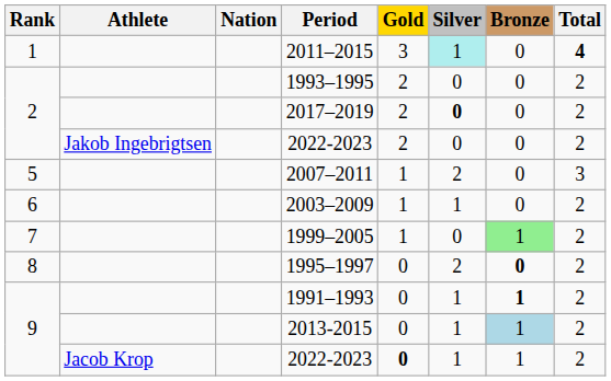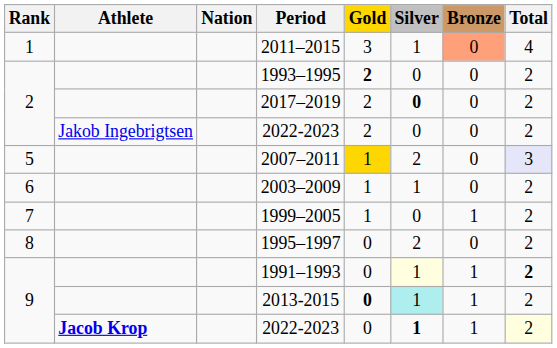 <table class="wikitable sortable" style="text-align:center">
 <tr>
 <th>Rank</th>
 <th>Athlete</th>
 <th>Nation</th>
 <th>Period</th>
 <th style="background-color:gold">Gold</th>
 <th style="background-color:silver">Silver</th>
 <th style="background-color:#cc9966">Bronze</th>
 <th>Total</th>
 </tr>
 <tr>
 <td>1</td>
 <td align=left></td>
 <td align=left></td>
 <td>2011–2015</td>
 <td>3</td>
-<td style="background: paleturquoise;">1</td>
-<td>0</td>
-<td><strong>4</strong></td>
+<td>1</td>
+<td style="background: lightsalmon;">0</td>
+<td>4</td>
 </tr>
 <tr>
 <td rowspan="3">2</td>
 <td align="left"></td>
 <td align=left></td>
 <td>1993–1995</td>
-<td>2</td>
+<td><strong>2</strong></td>
 <td>0</td>
 <td>0</td>
 <td>2</td>
 </tr>
 <tr>
 <td align="left"></td>
 <td align=left></td>
 <td>2017–2019</td>
 <td>2</td>
 <td><strong>0</strong></td>
 <td>0</td>
 <td>2</td>
 </tr>
 <tr>
 <td align="left"><a href='#'>Jakob Ingebrigtsen</a></td>
 <td align="left"></td>
 <td>2022-2023</td>
 <td>2</td>
 <td>0</td>
 <td>0</td>
 <td>2</td>
 </tr>
 <tr>
 <td>5</td>
 <td align="left"></td>
 <td align="left"></td>
 <td>2007–2011</td>
-<td>1</td>
+<td style="background: gold;">1</td>
 <td>2</td>
 <td>0</td>
-<td>3</td>
+<td style="background: lavender;">3</td>
 </tr>
 <tr>
 <td>6</td>
 <td align="left"></td>
 <td align="left"></td>
 <td>2003–2009</td>
 <td>1</td>
 <td>1</td>
 <td>0</td>
 <td>2</td>
 </tr>
 <tr>
 <td>7</td>
 <td align="left"></td>
 <td align="left"></td>
 <td>1999–2005</td>
 <td>1</td>
 <td>0</td>
-<td style="background: lightgreen;">1</td>
+<td>1</td>
 <td>2</td>
 </tr>
 <tr>
 <td>8</td>
 <td align="left"></td>
 <td align="left"></td>
 <td>1995–1997</td>
 <td>0</td>
 <td>2</td>
-<td><strong>0</strong></td>
+<td>0</td>
 <td>2</td>
 </tr>
 <tr>
 <td rowspan="3">9</td>
 <td align="left"></td>
 <td align="left"></td>
 <td>1991–1993</td>
 <td>0</td>
+<td style="background: lightyellow;">1</td>
 <td>1</td>
-<td><strong>1</strong></td>
-<td>2</td>
+<td><strong>2</strong></td>
 </tr>
 <tr>
 <td align="left"></td>
 <td align="left"></td>
 <td>2013-2015</td>
-<td>0</td>
+<td><strong>0</strong></td>
+<td style="background: paleturquoise;">1</td>
 <td>1</td>
-<td style="background: lightblue;">1</td>
 <td>2</td>
 </tr>
 <tr>
-<td align="left"><a href='#'>Jacob Krop</a></td>
+<td align="left"><strong><a href='#'>Jacob Krop</a></strong></td>
 <td align="left"></td>
 <td>2022-2023</td>
-<td><strong>0</strong></td>
+<td>0</td>
+<td><strong>1</strong></td>
 <td>1</td>
-<td>1</td>
-<td>2</td>
+<td style="background: lightyellow;">2</td>
 </tr>
 </table>
